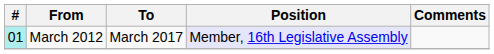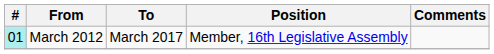 <table class="wikitable sortable">
 <tr>
 <th>#</th>
 <th>From</th>
 <th>To</th>
 <th>Position</th>
 <th>Comments</th>
 </tr>
 <tr>
 <td style="background: paleturquoise;">01</td>
 <td>March 2012</td>
 <td>March 2017</td>
-<td style="background: lavender;">Member, <a href='#'>16th Legislative Assembly</a></td>
+<td>Member, <a href='#'>16th Legislative Assembly</a></td>
 <td></td>
 </tr>
 <tr>
 </tr>
 </table>
